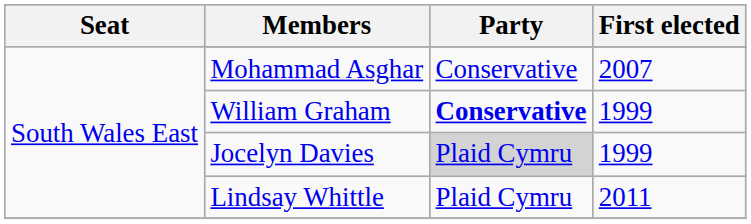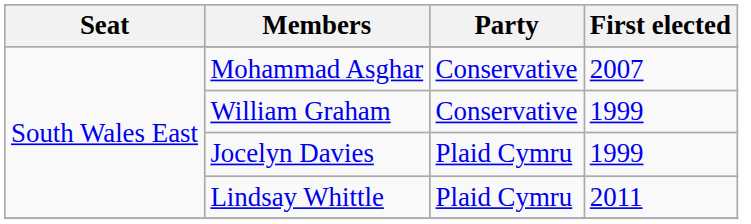 <table class="wikitable sortable">
 <tr>
 <th colspan=1>Seat</th>
 <th>Members</th>
 <th>Party</th>
 <th>First elected</th>
 </tr>
 <tr>
 <td rowspan=5><a href='#'>South Wales East</a></td>
 </tr>
 <tr>
 <td><a href='#'>Mohammad Asghar</a></td>
 <td><a href='#'>Conservative</a></td>
 <td><a href='#'>2007</a></td>
 </tr>
 <tr>
 <td><a href='#'>William Graham</a></td>
-<td><strong><a href='#'>Conservative</a></strong></td>
+<td><a href='#'>Conservative</a></td>
 <td><a href='#'>1999</a></td>
 </tr>
 <tr>
 <td><a href='#'>Jocelyn Davies</a></td>
-<td style="background: lightgrey;"><a href='#'>Plaid Cymru</a></td>
+<td><a href='#'>Plaid Cymru</a></td>
 <td><a href='#'>1999</a></td>
 </tr>
 <tr>
 <td><a href='#'>Lindsay Whittle</a></td>
 <td><a href='#'>Plaid Cymru</a></td>
 <td><a href='#'>2011</a></td>
 </tr>
 <tr>
 </tr>
 </table>
